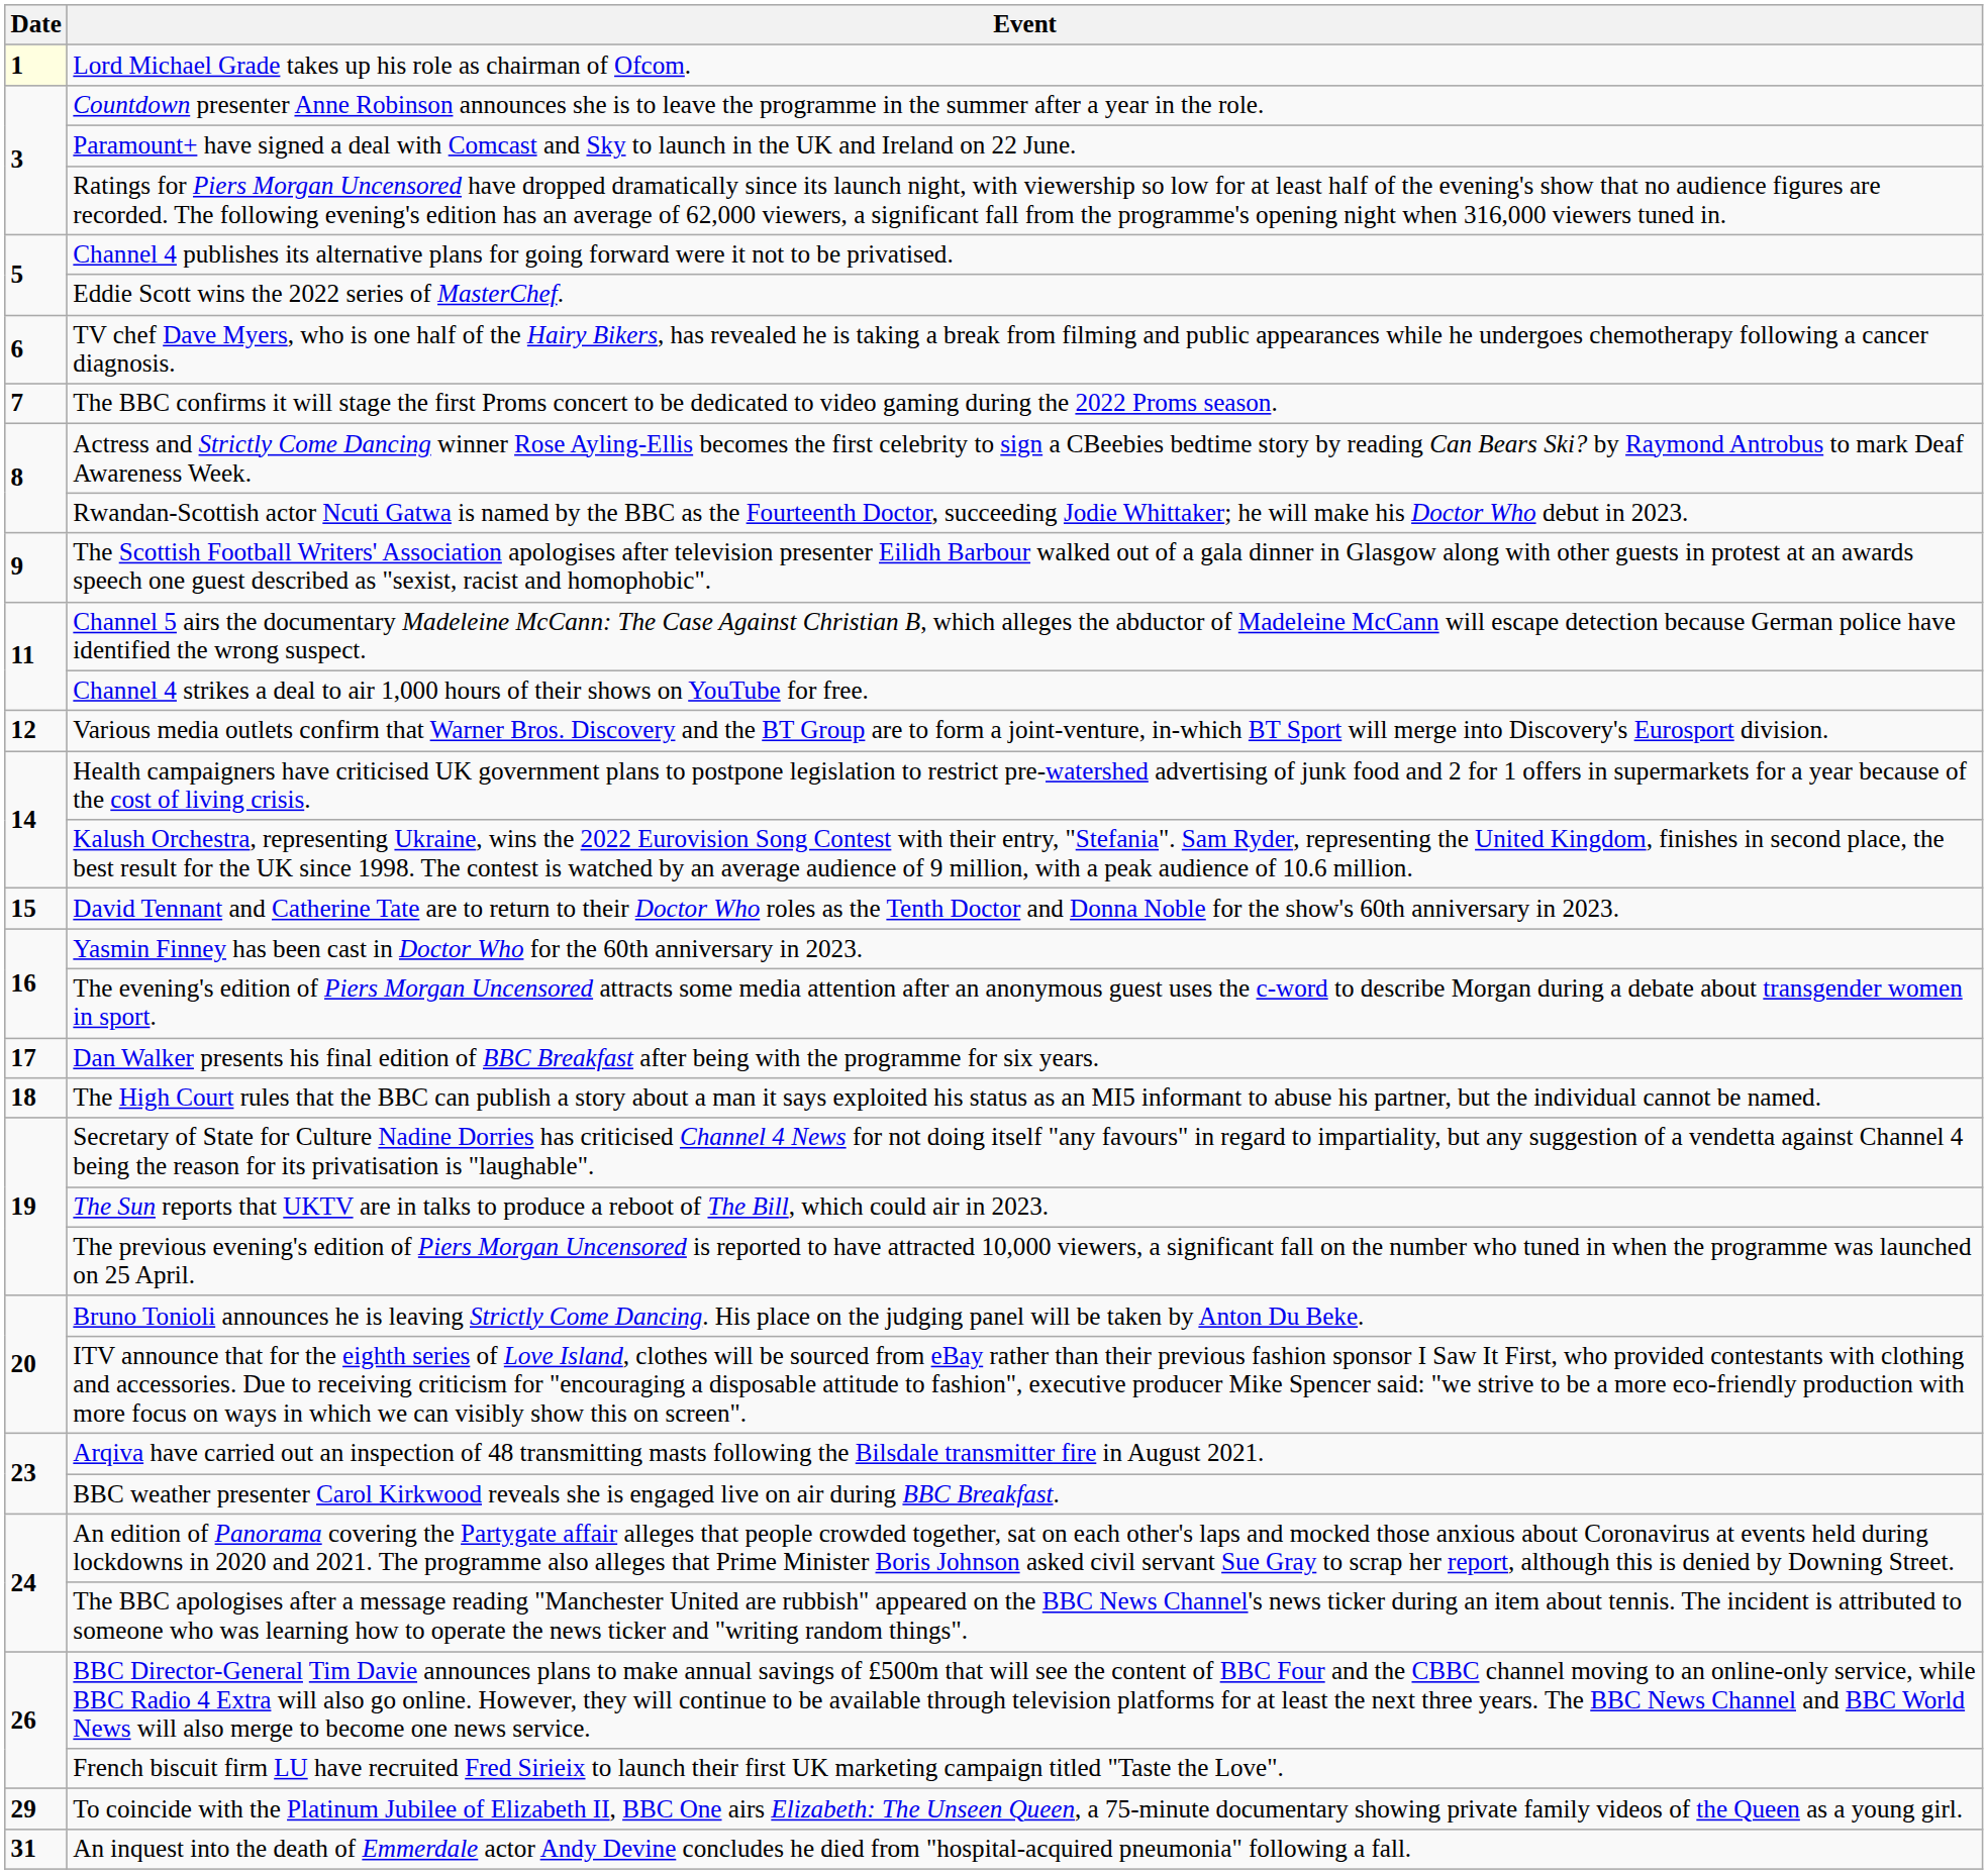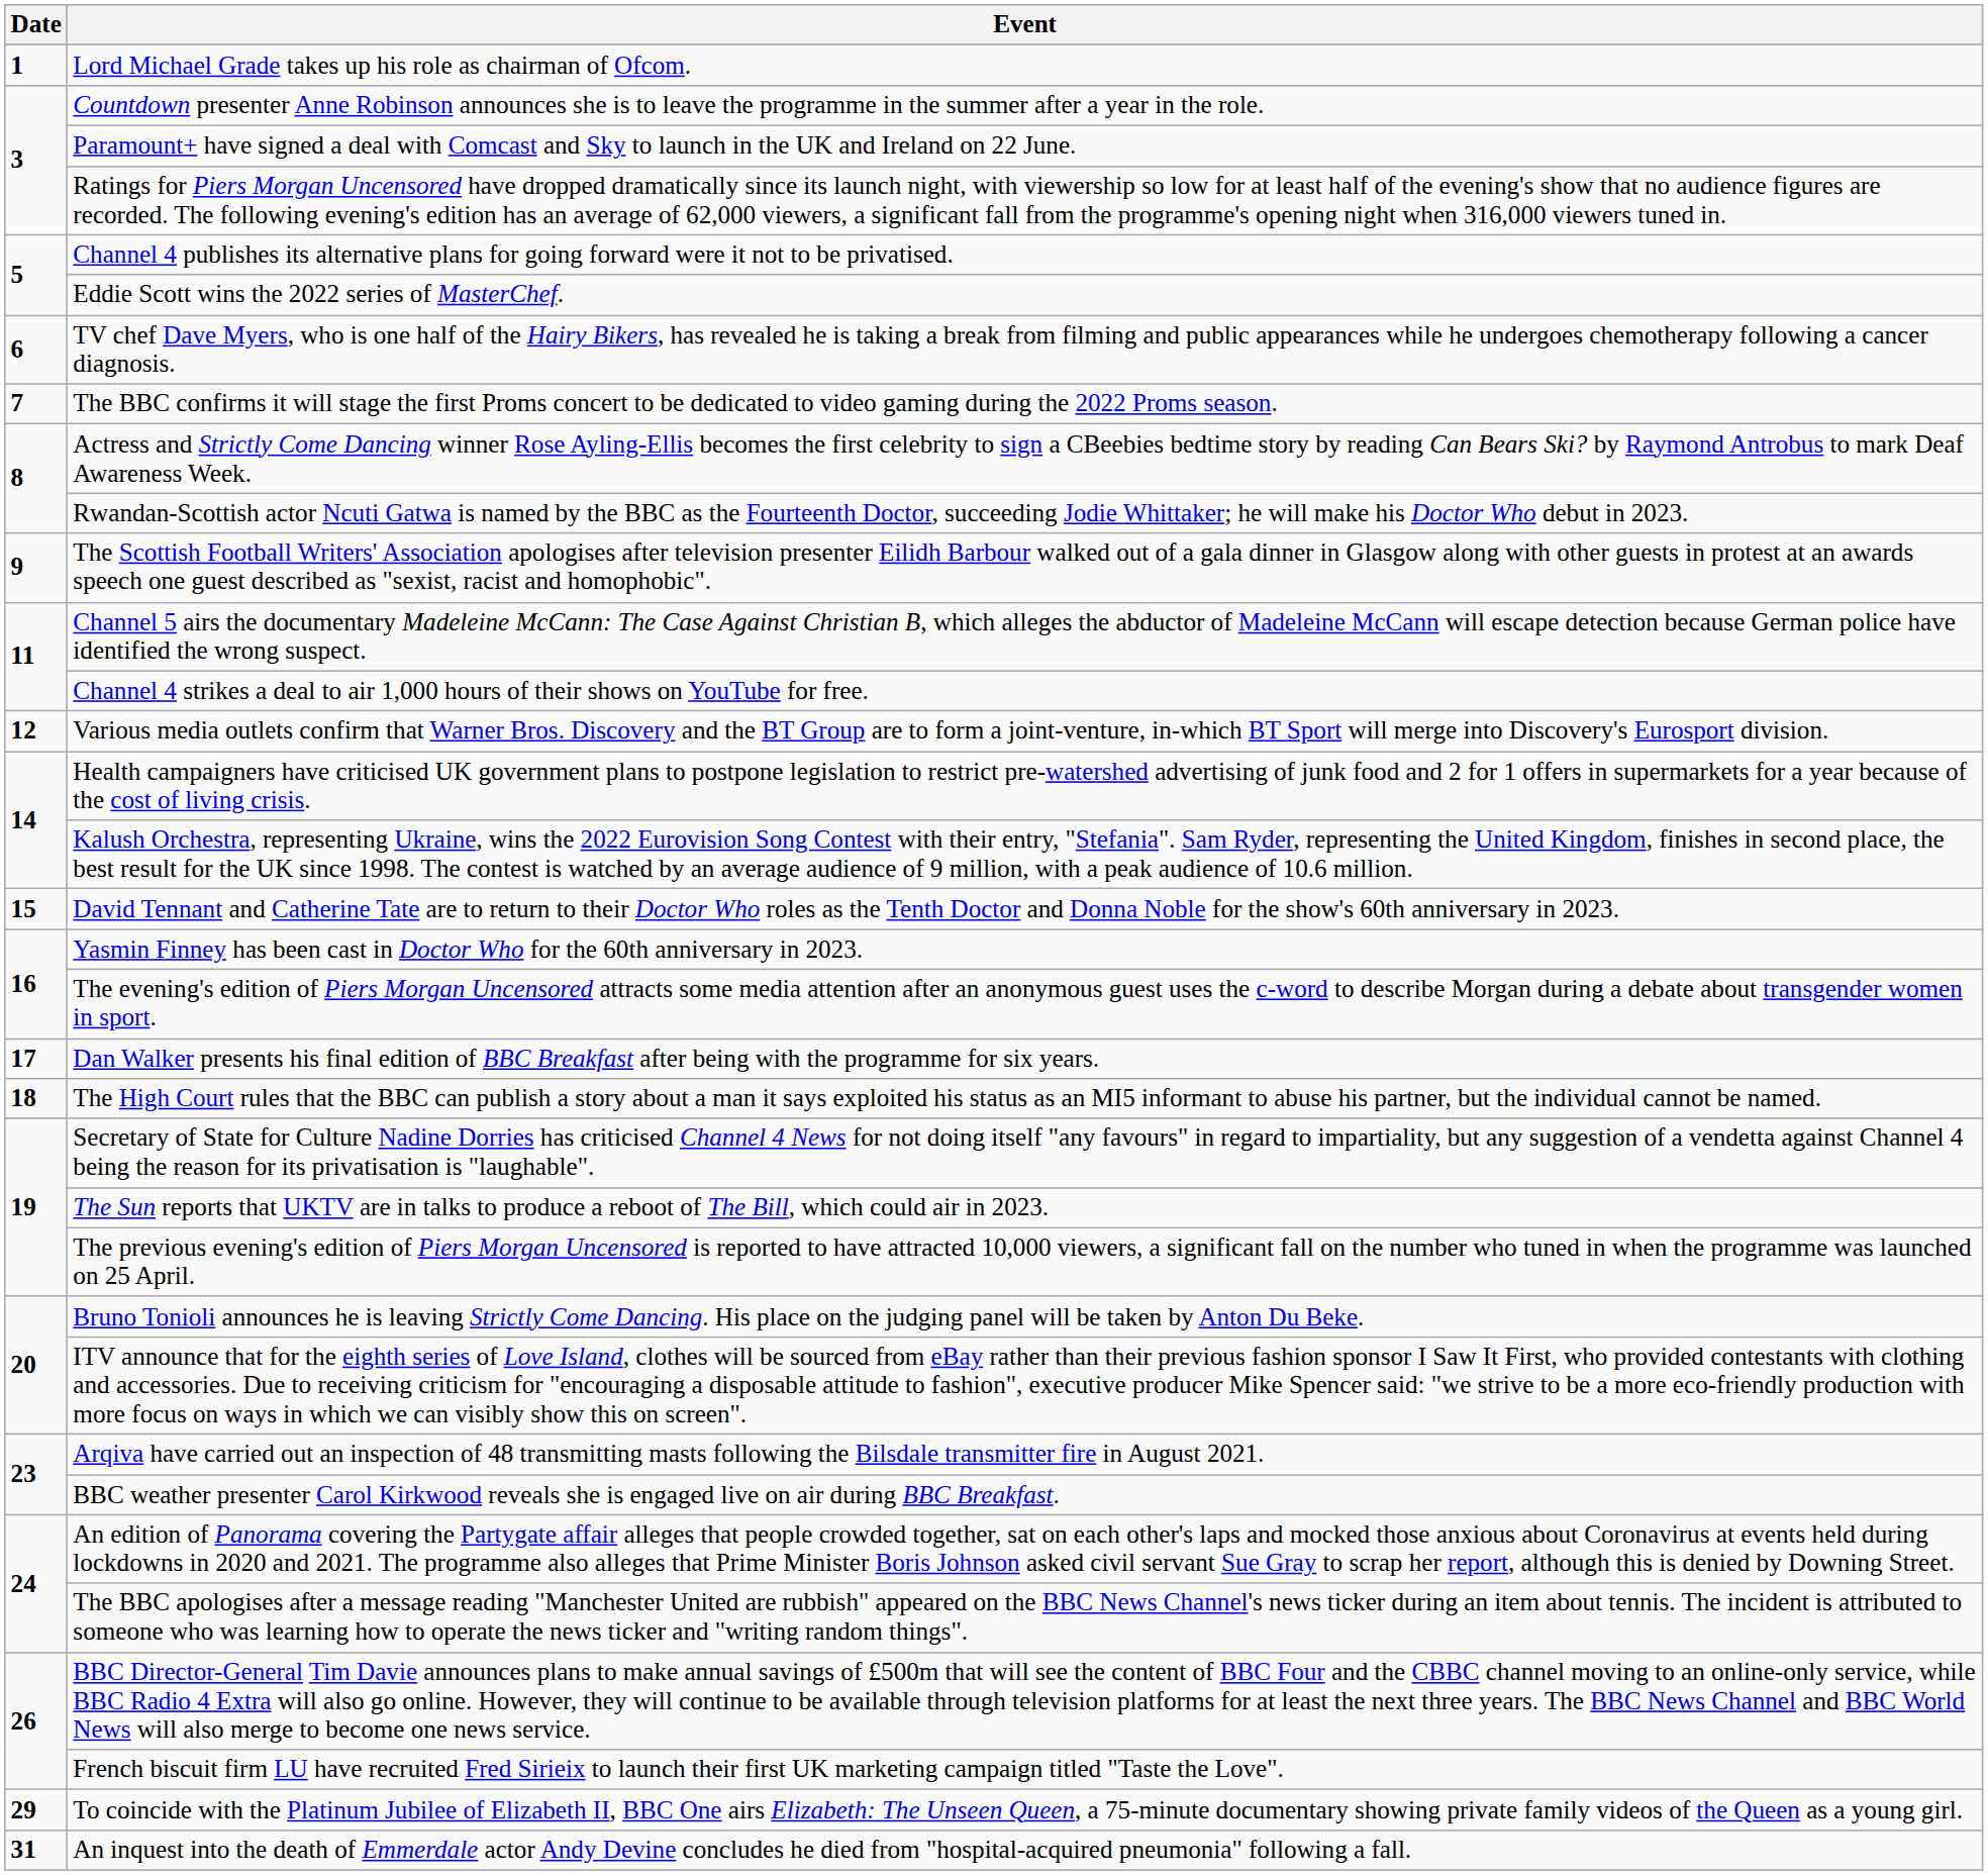 <table class="wikitable">
 <tr>
 <th>Date</th>
 <th>Event</th>
 </tr>
 <tr>
-<td style="background: lightyellow;"><strong>1</strong></td>
+<td><strong>1</strong></td>
 <td><a href='#'>Lord Michael Grade</a> takes up his role as chairman of <a href='#'>Ofcom</a>.</td>
 </tr>
 <tr>
 <td rowspan=3><strong>3</strong></td>
 <td><em><a href='#'>Countdown</a></em> presenter <a href='#'>Anne Robinson</a> announces she is to leave the programme in the summer after a year in the role.</td>
 </tr>
 <tr>
 <td><a href='#'>Paramount+</a> have signed a deal with <a href='#'>Comcast</a> and <a href='#'>Sky</a> to launch in the UK and Ireland on 22 June.</td>
 </tr>
 <tr>
 <td>Ratings for <em><a href='#'>Piers Morgan Uncensored</a></em> have dropped dramatically since its launch night, with viewership so low for at least half of the evening's show that no audience figures are recorded. The following evening's edition has an average of 62,000 viewers, a significant fall from the programme's opening night when 316,000 viewers tuned in.</td>
 </tr>
 <tr>
 <td rowspan=2><strong>5</strong></td>
 <td><a href='#'>Channel 4</a> publishes its alternative plans for going forward were it not to be privatised.</td>
 </tr>
 <tr>
 <td>Eddie Scott wins the 2022 series of <em><a href='#'>MasterChef</a></em>.</td>
 </tr>
 <tr>
 <td><strong>6</strong></td>
 <td>TV chef <a href='#'>Dave Myers</a>, who is one half of the <em><a href='#'>Hairy Bikers</a></em>, has revealed he is taking a break from filming and public appearances while he undergoes chemotherapy following a cancer diagnosis.</td>
 </tr>
 <tr>
 <td><strong>7</strong></td>
 <td>The BBC confirms it will stage the first Proms concert to be dedicated to video gaming during the <a href='#'>2022 Proms season</a>.</td>
 </tr>
 <tr>
 <td rowspan=2><strong>8</strong></td>
 <td>Actress and <em><a href='#'>Strictly Come Dancing</a></em> winner <a href='#'>Rose Ayling-Ellis</a> becomes the first celebrity to <a href='#'>sign</a> a CBeebies bedtime story by reading <em>Can Bears Ski?</em> by <a href='#'>Raymond Antrobus</a> to mark Deaf Awareness Week.</td>
 </tr>
 <tr>
 <td>Rwandan-Scottish actor <a href='#'>Ncuti Gatwa</a> is named by the BBC as the <a href='#'>Fourteenth Doctor</a>, succeeding <a href='#'>Jodie Whittaker</a>; he will make his <em><a href='#'>Doctor Who</a></em> debut in 2023.</td>
 </tr>
 <tr>
 <td><strong>9</strong></td>
 <td>The <a href='#'>Scottish Football Writers' Association</a> apologises after television presenter <a href='#'>Eilidh Barbour</a> walked out of a gala dinner in Glasgow along with other guests in protest at an awards speech one guest described as "sexist, racist and homophobic".</td>
 </tr>
 <tr>
 <td rowspan=2><strong>11</strong></td>
 <td><a href='#'>Channel 5</a> airs the documentary <em>Madeleine McCann: The Case Against Christian B</em>, which alleges the abductor of <a href='#'>Madeleine McCann</a> will escape detection because German police have identified the wrong suspect.</td>
 </tr>
 <tr>
 <td><a href='#'>Channel 4</a> strikes a deal to air 1,000 hours of their shows on <a href='#'>YouTube</a> for free.</td>
 </tr>
 <tr>
 <td><strong>12</strong></td>
 <td>Various media outlets confirm that <a href='#'>Warner Bros. Discovery</a> and the <a href='#'>BT Group</a> are to form a joint-venture, in-which <a href='#'>BT Sport</a> will merge into Discovery's <a href='#'>Eurosport</a> division.</td>
 </tr>
 <tr>
 <td rowspan=2><strong>14</strong></td>
 <td>Health campaigners have criticised UK government plans to postpone legislation to restrict pre-<a href='#'>watershed</a> advertising of junk food and 2 for 1 offers in supermarkets for a year because of the <a href='#'>cost of living crisis</a>.</td>
 </tr>
 <tr>
 <td><a href='#'>Kalush Orchestra</a>, representing <a href='#'>Ukraine</a>, wins the <a href='#'>2022 Eurovision Song Contest</a> with their entry, "<a href='#'>Stefania</a>". <a href='#'>Sam Ryder</a>, representing the <a href='#'>United Kingdom</a>, finishes in second place, the best result for the UK since 1998. The contest is watched by an average audience of 9 million, with a peak audience of 10.6 million.</td>
 </tr>
 <tr>
 <td><strong>15</strong></td>
 <td><a href='#'>David Tennant</a> and <a href='#'>Catherine Tate</a> are to return to their <em><a href='#'>Doctor Who</a></em> roles as the <a href='#'>Tenth Doctor</a> and <a href='#'>Donna Noble</a> for the show's 60th anniversary in 2023.</td>
 </tr>
 <tr>
 <td rowspan=2><strong>16</strong></td>
 <td><a href='#'>Yasmin Finney</a> has been cast in <em><a href='#'>Doctor Who</a></em> for the 60th anniversary in 2023.</td>
 </tr>
 <tr>
 <td>The evening's edition of <em><a href='#'>Piers Morgan Uncensored</a></em> attracts some media attention after an anonymous guest uses the <a href='#'>c-word</a> to describe Morgan during a debate about <a href='#'>transgender women in sport</a>.</td>
 </tr>
 <tr>
 <td><strong>17</strong></td>
 <td><a href='#'>Dan Walker</a> presents his final edition of <em><a href='#'>BBC Breakfast</a></em> after being with the programme for six years.</td>
 </tr>
 <tr>
 <td><strong>18</strong></td>
 <td>The <a href='#'>High Court</a> rules that the BBC can publish a story about a man it says exploited his status as an MI5 informant to abuse his partner, but the individual cannot be named.</td>
 </tr>
 <tr>
 <td rowspan=3><strong>19</strong></td>
 <td>Secretary of State for Culture <a href='#'>Nadine Dorries</a> has criticised <em><a href='#'>Channel 4 News</a></em> for not doing itself "any favours" in regard to impartiality, but any suggestion of a vendetta against Channel 4 being the reason for its privatisation is "laughable".</td>
 </tr>
 <tr>
 <td><em><a href='#'>The Sun</a></em> reports that <a href='#'>UKTV</a> are in talks to produce a reboot of <em><a href='#'>The Bill</a></em>, which could air in 2023.</td>
 </tr>
 <tr>
 <td>The previous evening's edition of <em><a href='#'>Piers Morgan Uncensored</a></em> is reported to have attracted 10,000 viewers, a significant fall on the number who tuned in when the programme was launched on 25 April.</td>
 </tr>
 <tr>
 <td rowspan="2"><strong>20</strong></td>
 <td><a href='#'>Bruno Tonioli</a> announces he is leaving <em><a href='#'>Strictly Come Dancing</a></em>. His place on the judging panel will be taken by <a href='#'>Anton Du Beke</a>.</td>
 </tr>
 <tr>
 <td>ITV announce that for the <a href='#'>eighth series</a> of <em><a href='#'>Love Island</a></em>, clothes will be sourced from <a href='#'>eBay</a> rather than their previous fashion sponsor I Saw It First, who provided contestants with clothing and accessories. Due to receiving criticism for "encouraging a disposable attitude to fashion", executive producer Mike Spencer said: "we strive to be a more eco-friendly production with more focus on ways in which we can visibly show this on screen".</td>
 </tr>
 <tr>
 <td rowspan=2><strong>23</strong></td>
 <td><a href='#'>Arqiva</a> have carried out an inspection of 48 transmitting masts following the <a href='#'>Bilsdale transmitter fire</a> in August 2021.</td>
 </tr>
 <tr>
 <td>BBC weather presenter <a href='#'>Carol Kirkwood</a> reveals she is engaged live on air during <em><a href='#'>BBC Breakfast</a></em>.</td>
 </tr>
 <tr>
 <td rowspan=2><strong>24</strong></td>
 <td>An edition of <em><a href='#'>Panorama</a></em> covering the <a href='#'>Partygate affair</a> alleges that people crowded together, sat on each other's laps and mocked those anxious about Coronavirus at events held during lockdowns in 2020 and 2021. The programme also alleges that Prime Minister <a href='#'>Boris Johnson</a> asked civil servant <a href='#'>Sue Gray</a> to scrap her <a href='#'>report</a>, although this is denied by Downing Street.</td>
 </tr>
 <tr>
 <td>The BBC apologises after a message reading "Manchester United are rubbish" appeared on the <a href='#'>BBC News Channel</a>'s news ticker during an item about tennis. The incident is attributed to someone who was learning how to operate the news ticker and "writing random things".</td>
 </tr>
 <tr>
 <td rowspan=2><strong>26</strong></td>
 <td><a href='#'>BBC Director-General</a> <a href='#'>Tim Davie</a> announces plans to make annual savings of £500m that will see the content of <a href='#'>BBC Four</a> and the <a href='#'>CBBC</a> channel moving to an online-only service, while <a href='#'>BBC Radio 4 Extra</a> will also go online. However, they will continue to be available through television platforms for at least the next three years. The <a href='#'>BBC News Channel</a> and <a href='#'>BBC World News</a> will also merge to become one news service.</td>
 </tr>
 <tr>
 <td>French biscuit firm <a href='#'>LU</a> have recruited <a href='#'>Fred Sirieix</a> to launch their first UK marketing campaign titled "Taste the Love".</td>
 </tr>
 <tr>
 <td><strong>29</strong></td>
 <td>To coincide with the <a href='#'>Platinum Jubilee of Elizabeth II</a>, <a href='#'>BBC One</a> airs <em><a href='#'>Elizabeth: The Unseen Queen</a></em>, a 75-minute documentary showing private family videos of <a href='#'>the Queen</a> as a young girl.</td>
 </tr>
 <tr>
 <td><strong>31</strong></td>
 <td>An inquest into the death of <em><a href='#'>Emmerdale</a></em> actor <a href='#'>Andy Devine</a> concludes he died from "hospital-acquired pneumonia" following a fall.</td>
 </tr>
 </table>
